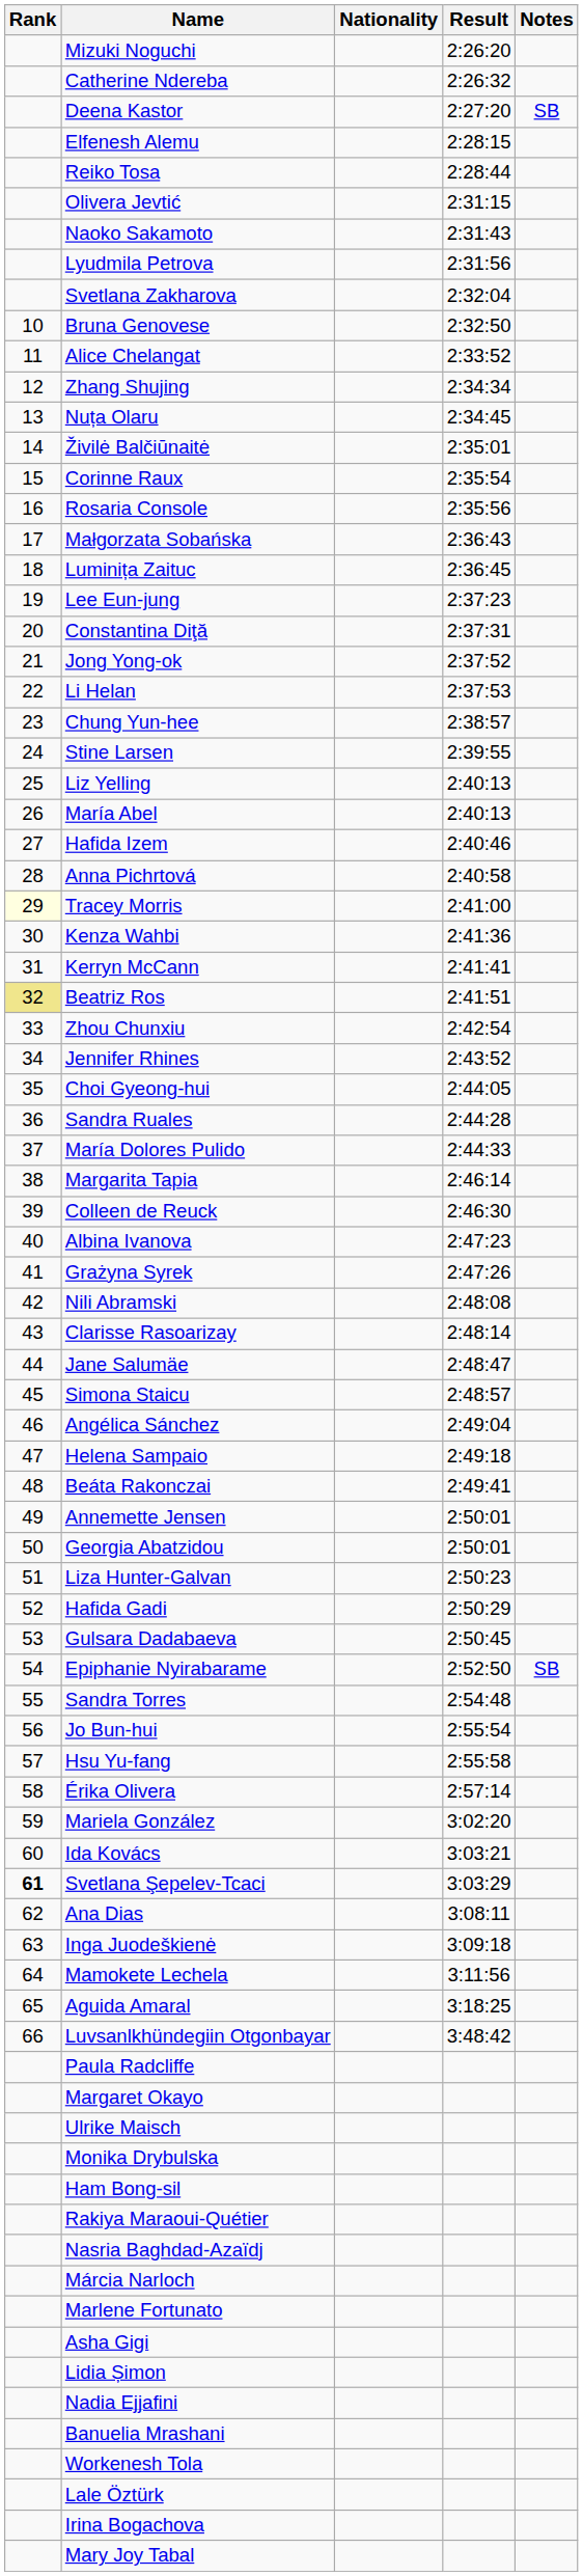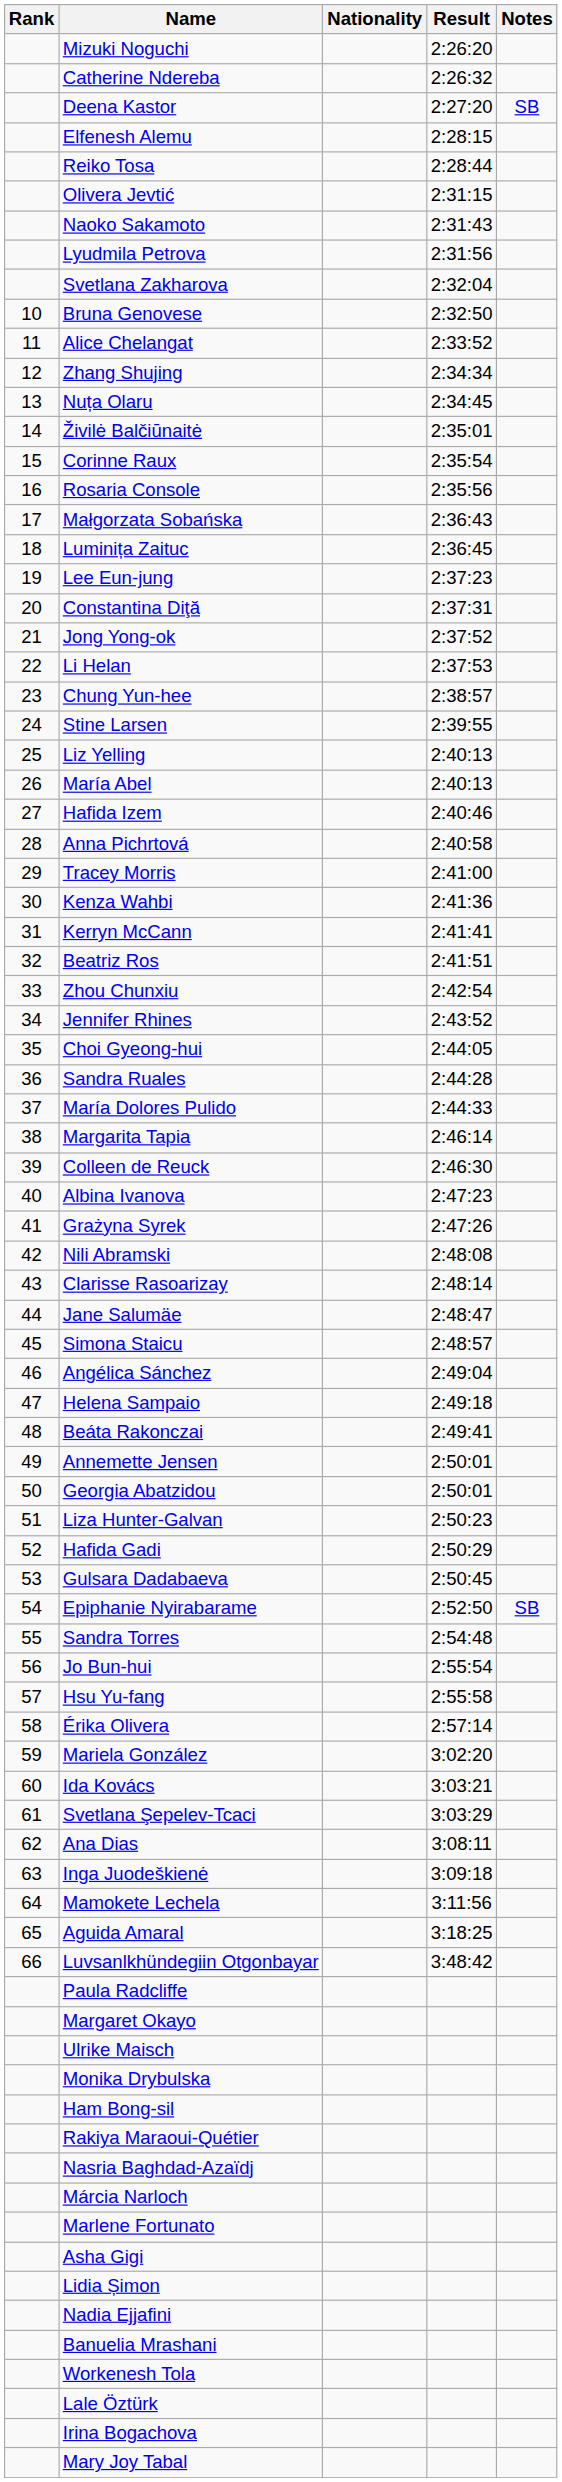 <table class="wikitable sortable" style="text-align:center">
 <tr>
 <th>Rank</th>
 <th>Name</th>
 <th>Nationality</th>
 <th>Result</th>
 <th>Notes</th>
 </tr>
 <tr>
 <td></td>
 <td align=left><a href='#'>Mizuki Noguchi</a></td>
 <td align=left></td>
 <td>2:26:20</td>
 <td></td>
 </tr>
 <tr>
 <td></td>
 <td align=left><a href='#'>Catherine Ndereba</a></td>
 <td align=left></td>
 <td>2:26:32</td>
 <td></td>
 </tr>
 <tr>
 <td></td>
 <td align=left><a href='#'>Deena Kastor</a></td>
 <td align=left></td>
 <td>2:27:20</td>
 <td><a href='#'>SB</a></td>
 </tr>
 <tr>
 <td></td>
 <td align=left><a href='#'>Elfenesh Alemu</a></td>
 <td align=left></td>
 <td>2:28:15</td>
 <td></td>
 </tr>
 <tr>
 <td></td>
 <td align=left><a href='#'>Reiko Tosa</a></td>
 <td align=left></td>
 <td>2:28:44</td>
 <td></td>
 </tr>
 <tr>
 <td></td>
 <td align=left><a href='#'>Olivera Jevtić</a></td>
 <td align=left></td>
 <td>2:31:15</td>
 <td></td>
 </tr>
 <tr>
 <td></td>
 <td align=left><a href='#'>Naoko Sakamoto</a></td>
 <td align=left></td>
 <td>2:31:43</td>
 <td></td>
 </tr>
 <tr>
 <td></td>
 <td align=left><a href='#'>Lyudmila Petrova</a></td>
 <td align=left></td>
 <td>2:31:56</td>
 <td></td>
 </tr>
 <tr>
 <td></td>
 <td align=left><a href='#'>Svetlana Zakharova</a></td>
 <td align=left></td>
 <td>2:32:04</td>
 <td></td>
 </tr>
 <tr>
 <td>10</td>
 <td align=left><a href='#'>Bruna Genovese</a></td>
 <td align=left></td>
 <td>2:32:50</td>
 <td></td>
 </tr>
 <tr>
 <td>11</td>
 <td align=left><a href='#'>Alice Chelangat</a></td>
 <td align=left></td>
 <td>2:33:52</td>
 <td></td>
 </tr>
 <tr>
 <td>12</td>
 <td align=left><a href='#'>Zhang Shujing</a></td>
 <td align=left></td>
 <td>2:34:34</td>
 <td></td>
 </tr>
 <tr>
 <td>13</td>
 <td align=left><a href='#'>Nuța Olaru</a></td>
 <td align=left></td>
 <td>2:34:45</td>
 <td></td>
 </tr>
 <tr>
 <td>14</td>
 <td align=left><a href='#'>Živilė Balčiūnaitė</a></td>
 <td align=left></td>
 <td>2:35:01</td>
 <td></td>
 </tr>
 <tr>
 <td>15</td>
 <td align=left><a href='#'>Corinne Raux</a></td>
 <td align=left></td>
 <td>2:35:54</td>
 <td></td>
 </tr>
 <tr>
 <td>16</td>
 <td align=left><a href='#'>Rosaria Console</a></td>
 <td align=left></td>
 <td>2:35:56</td>
 <td></td>
 </tr>
 <tr>
 <td>17</td>
 <td align=left><a href='#'>Małgorzata Sobańska</a></td>
 <td align=left></td>
 <td>2:36:43</td>
 <td></td>
 </tr>
 <tr>
 <td>18</td>
 <td align=left><a href='#'>Luminița Zaituc</a></td>
 <td align=left></td>
 <td>2:36:45</td>
 <td></td>
 </tr>
 <tr>
 <td>19</td>
 <td align=left><a href='#'>Lee Eun-jung</a></td>
 <td align=left></td>
 <td>2:37:23</td>
 <td></td>
 </tr>
 <tr>
 <td>20</td>
 <td align=left><a href='#'>Constantina Diţă</a></td>
 <td align=left></td>
 <td>2:37:31</td>
 <td></td>
 </tr>
 <tr>
 <td>21</td>
 <td align=left><a href='#'>Jong Yong-ok</a></td>
 <td align=left></td>
 <td>2:37:52</td>
 <td></td>
 </tr>
 <tr>
 <td>22</td>
 <td align=left><a href='#'>Li Helan</a></td>
 <td align=left></td>
 <td>2:37:53</td>
 <td></td>
 </tr>
 <tr>
 <td>23</td>
 <td align=left><a href='#'>Chung Yun-hee</a></td>
 <td align=left></td>
 <td>2:38:57</td>
 <td></td>
 </tr>
 <tr>
 <td>24</td>
 <td align=left><a href='#'>Stine Larsen</a></td>
 <td align=left></td>
 <td>2:39:55</td>
 <td></td>
 </tr>
 <tr>
 <td>25</td>
 <td align=left><a href='#'>Liz Yelling</a></td>
 <td align=left></td>
 <td>2:40:13</td>
 <td></td>
 </tr>
 <tr>
 <td>26</td>
 <td align=left><a href='#'>María Abel</a></td>
 <td align=left></td>
 <td>2:40:13</td>
 <td></td>
 </tr>
 <tr>
 <td>27</td>
 <td align=left><a href='#'>Hafida Izem</a></td>
 <td align=left></td>
 <td>2:40:46</td>
 <td></td>
 </tr>
 <tr>
 <td>28</td>
 <td align=left><a href='#'>Anna Pichrtová</a></td>
 <td align=left></td>
 <td>2:40:58</td>
 <td></td>
 </tr>
 <tr>
-<td style="background: lightyellow;">29</td>
+<td>29</td>
 <td align=left><a href='#'>Tracey Morris</a></td>
 <td align=left></td>
 <td>2:41:00</td>
 <td></td>
 </tr>
 <tr>
 <td>30</td>
 <td align=left><a href='#'>Kenza Wahbi</a></td>
 <td align=left></td>
 <td>2:41:36</td>
 <td></td>
 </tr>
 <tr>
 <td>31</td>
 <td align=left><a href='#'>Kerryn McCann</a></td>
 <td align=left></td>
 <td>2:41:41</td>
 <td></td>
 </tr>
 <tr>
-<td style="background: khaki;">32</td>
+<td>32</td>
 <td align=left><a href='#'>Beatriz Ros</a></td>
 <td align=left></td>
 <td>2:41:51</td>
 <td></td>
 </tr>
 <tr>
 <td>33</td>
 <td align=left><a href='#'>Zhou Chunxiu</a></td>
 <td align=left></td>
 <td>2:42:54</td>
 <td></td>
 </tr>
 <tr>
 <td>34</td>
 <td align=left><a href='#'>Jennifer Rhines</a></td>
 <td align=left></td>
 <td>2:43:52</td>
 <td></td>
 </tr>
 <tr>
 <td>35</td>
 <td align=left><a href='#'>Choi Gyeong-hui</a></td>
 <td align=left></td>
 <td>2:44:05</td>
 <td></td>
 </tr>
 <tr>
 <td>36</td>
 <td align=left><a href='#'>Sandra Ruales</a></td>
 <td align=left></td>
 <td>2:44:28</td>
 <td></td>
 </tr>
 <tr>
 <td>37</td>
 <td align=left><a href='#'>María Dolores Pulido</a></td>
 <td align=left></td>
 <td>2:44:33</td>
 <td></td>
 </tr>
 <tr>
 <td>38</td>
 <td align=left><a href='#'>Margarita Tapia</a></td>
 <td align=left></td>
 <td>2:46:14</td>
 <td></td>
 </tr>
 <tr>
 <td>39</td>
 <td align=left><a href='#'>Colleen de Reuck</a></td>
 <td align=left></td>
 <td>2:46:30</td>
 <td></td>
 </tr>
 <tr>
 <td>40</td>
 <td align=left><a href='#'>Albina Ivanova</a></td>
 <td align=left></td>
 <td>2:47:23</td>
 <td></td>
 </tr>
 <tr>
 <td>41</td>
 <td align=left><a href='#'>Grażyna Syrek</a></td>
 <td align=left></td>
 <td>2:47:26</td>
 <td></td>
 </tr>
 <tr>
 <td>42</td>
 <td align=left><a href='#'>Nili Abramski</a></td>
 <td align=left></td>
 <td>2:48:08</td>
 <td></td>
 </tr>
 <tr>
 <td>43</td>
 <td align=left><a href='#'>Clarisse Rasoarizay</a></td>
 <td align=left></td>
 <td>2:48:14</td>
 <td></td>
 </tr>
 <tr>
 <td>44</td>
 <td align=left><a href='#'>Jane Salumäe</a></td>
 <td align=left></td>
 <td>2:48:47</td>
 <td></td>
 </tr>
 <tr>
 <td>45</td>
 <td align=left><a href='#'>Simona Staicu</a></td>
 <td align=left></td>
 <td>2:48:57</td>
 <td></td>
 </tr>
 <tr>
 <td>46</td>
 <td align=left><a href='#'>Angélica Sánchez</a></td>
 <td align=left></td>
 <td>2:49:04</td>
 <td></td>
 </tr>
 <tr>
 <td>47</td>
 <td align=left><a href='#'>Helena Sampaio</a></td>
 <td align=left></td>
 <td>2:49:18</td>
 <td></td>
 </tr>
 <tr>
 <td>48</td>
 <td align=left><a href='#'>Beáta Rakonczai</a></td>
 <td align=left></td>
 <td>2:49:41</td>
 <td></td>
 </tr>
 <tr>
 <td>49</td>
 <td align=left><a href='#'>Annemette Jensen</a></td>
 <td align=left></td>
 <td>2:50:01</td>
 <td></td>
 </tr>
 <tr>
 <td>50</td>
 <td align=left><a href='#'>Georgia Abatzidou</a></td>
 <td align=left></td>
 <td>2:50:01</td>
 <td></td>
 </tr>
 <tr>
 <td>51</td>
 <td align=left><a href='#'>Liza Hunter-Galvan</a></td>
 <td align=left></td>
 <td>2:50:23</td>
 <td></td>
 </tr>
 <tr>
 <td>52</td>
 <td align=left><a href='#'>Hafida Gadi</a></td>
 <td align=left></td>
 <td>2:50:29</td>
 <td></td>
 </tr>
 <tr>
 <td>53</td>
 <td align=left><a href='#'>Gulsara Dadabaeva</a></td>
 <td align=left></td>
 <td>2:50:45</td>
 <td></td>
 </tr>
 <tr>
 <td>54</td>
 <td align=left><a href='#'>Epiphanie Nyirabarame</a></td>
 <td align=left></td>
 <td>2:52:50</td>
 <td><a href='#'>SB</a></td>
 </tr>
 <tr>
 <td>55</td>
 <td align=left><a href='#'>Sandra Torres</a></td>
 <td align=left></td>
 <td>2:54:48</td>
 <td></td>
 </tr>
 <tr>
 <td>56</td>
 <td align=left><a href='#'>Jo Bun-hui</a></td>
 <td align=left></td>
 <td>2:55:54</td>
 <td></td>
 </tr>
 <tr>
 <td>57</td>
 <td align=left><a href='#'>Hsu Yu-fang</a></td>
 <td align=left></td>
 <td>2:55:58</td>
 <td></td>
 </tr>
 <tr>
 <td>58</td>
 <td align=left><a href='#'>Érika Olivera</a></td>
 <td align=left></td>
 <td>2:57:14</td>
 <td></td>
 </tr>
 <tr>
 <td>59</td>
 <td align=left><a href='#'>Mariela González</a></td>
 <td align=left></td>
 <td>3:02:20</td>
 <td></td>
 </tr>
 <tr>
 <td>60</td>
 <td align=left><a href='#'>Ida Kovács</a></td>
 <td align=left></td>
 <td>3:03:21</td>
 <td></td>
 </tr>
 <tr>
-<td><strong>61</strong></td>
+<td>61</td>
 <td align=left><a href='#'>Svetlana Şepelev-Tcaci</a></td>
 <td align=left></td>
 <td>3:03:29</td>
 <td></td>
 </tr>
 <tr>
 <td>62</td>
 <td align=left><a href='#'>Ana Dias</a></td>
 <td align=left></td>
 <td>3:08:11</td>
 <td></td>
 </tr>
 <tr>
 <td>63</td>
 <td align=left><a href='#'>Inga Juodeškienė</a></td>
 <td align=left></td>
 <td>3:09:18</td>
 <td></td>
 </tr>
 <tr>
 <td>64</td>
 <td align=left><a href='#'>Mamokete Lechela</a></td>
 <td align=left></td>
 <td>3:11:56</td>
 <td></td>
 </tr>
 <tr>
 <td>65</td>
 <td align=left><a href='#'>Aguida Amaral</a></td>
 <td align=left></td>
 <td>3:18:25</td>
 <td></td>
 </tr>
 <tr>
 <td>66</td>
 <td align=left><a href='#'>Luvsanlkhündegiin Otgonbayar</a></td>
 <td align=left></td>
 <td>3:48:42</td>
 <td></td>
 </tr>
 <tr>
 <td></td>
 <td align=left><a href='#'>Paula Radcliffe</a></td>
 <td align=left></td>
 <td></td>
 <td></td>
 </tr>
 <tr>
 <td></td>
 <td align=left><a href='#'>Margaret Okayo</a></td>
 <td align=left></td>
 <td></td>
 <td></td>
 </tr>
 <tr>
 <td></td>
 <td align=left><a href='#'>Ulrike Maisch</a></td>
 <td align=left></td>
 <td></td>
 <td></td>
 </tr>
 <tr>
 <td></td>
 <td align=left><a href='#'>Monika Drybulska</a></td>
 <td align=left></td>
 <td></td>
 <td></td>
 </tr>
 <tr>
 <td></td>
 <td align=left><a href='#'>Ham Bong-sil</a></td>
 <td align=left></td>
 <td></td>
 <td></td>
 </tr>
 <tr>
 <td></td>
 <td align=left><a href='#'>Rakiya Maraoui-Quétier</a></td>
 <td align=left></td>
 <td></td>
 <td></td>
 </tr>
 <tr>
 <td></td>
 <td align=left><a href='#'>Nasria Baghdad-Azaïdj</a></td>
 <td align=left></td>
 <td></td>
 <td></td>
 </tr>
 <tr>
 <td></td>
 <td align=left><a href='#'>Márcia Narloch</a></td>
 <td align=left></td>
 <td></td>
 <td></td>
 </tr>
 <tr>
 <td></td>
 <td align=left><a href='#'>Marlene Fortunato</a></td>
 <td align=left></td>
 <td></td>
 <td></td>
 </tr>
 <tr>
 <td></td>
 <td align=left><a href='#'>Asha Gigi</a></td>
 <td align=left></td>
 <td></td>
 <td></td>
 </tr>
 <tr>
 <td></td>
 <td align=left><a href='#'>Lidia Șimon</a></td>
 <td align=left></td>
 <td></td>
 <td></td>
 </tr>
 <tr>
 <td></td>
 <td align=left><a href='#'>Nadia Ejjafini</a></td>
 <td align=left></td>
 <td></td>
 <td></td>
 </tr>
 <tr>
 <td></td>
 <td align=left><a href='#'>Banuelia Mrashani</a></td>
 <td align=left></td>
 <td></td>
 <td></td>
 </tr>
 <tr>
 <td></td>
 <td align=left><a href='#'>Workenesh Tola</a></td>
 <td align=left></td>
 <td></td>
 <td></td>
 </tr>
 <tr>
 <td></td>
 <td align=left><a href='#'>Lale Öztürk</a></td>
 <td align=left></td>
 <td></td>
 <td></td>
 </tr>
 <tr>
 <td></td>
 <td align=left><a href='#'>Irina Bogachova</a></td>
 <td align=left></td>
 <td></td>
 <td></td>
 </tr>
 <tr>
 <td></td>
 <td align=left><a href='#'>Mary Joy Tabal</a></td>
 <td align=left></td>
 <td></td>
 <td></td>
 </tr>
 </table>
